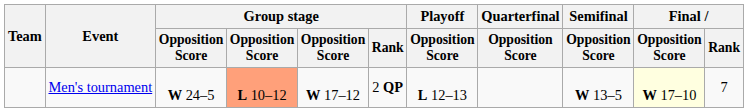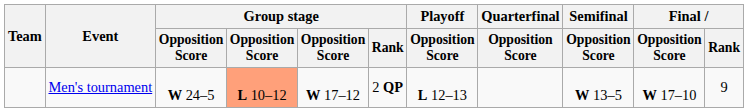 <table class="wikitable" style="text-align:center; font-size:90%;">
 <tr>
 <th rowspan=2>Team</th>
 <th rowspan=2>Event</th>
 <th colspan=4>Group stage</th>
 <th>Playoff</th>
 <th>Quarterfinal</th>
 <th>Semifinal</th>
 <th colspan=2>Final / </th>
 </tr>
 <tr style=font-size:95%>
 <th>Opposition<br>Score</th>
 <th>Opposition<br>Score</th>
 <th>Opposition<br>Score</th>
 <th>Rank</th>
 <th>Opposition<br>Score</th>
 <th>Opposition<br>Score</th>
 <th>Opposition<br>Score</th>
 <th>Opposition<br>Score</th>
 <th>Rank</th>
 </tr>
 <tr>
 <td align=left></td>
 <td align=left><a href='#'>Men's tournament</a></td>
 <td> <br> <strong>W</strong> 24–5</td>
 <td style="background: lightsalmon;"> <br> <strong>L</strong> 10–12</td>
 <td> <br> <strong>W</strong> 17–12</td>
 <td>2 <strong>QP</strong></td>
 <td> <br> <strong>L</strong> 12–13</td>
 <td></td>
 <td> <br> <strong>W</strong> 13–5</td>
-<td style="background: lightyellow;"> <br> <strong>W</strong> 17–10</td>
-<td>7</td>
+<td> <br> <strong>W</strong> 17–10</td>
+<td>9</td>
 </tr>
 </table>
